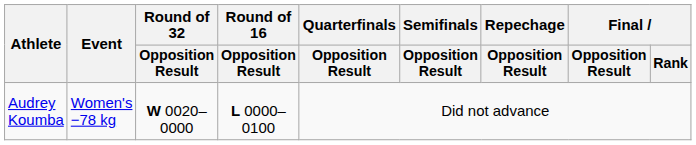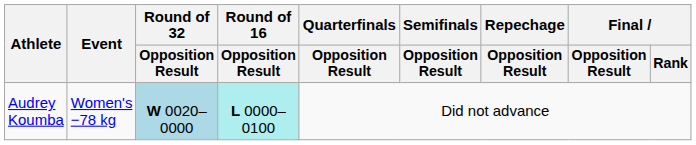 <table class="wikitable" style="font-size:90%">
 <tr>
 <th rowspan="2">Athlete</th>
 <th rowspan="2">Event</th>
 <th>Round of 32</th>
 <th>Round of 16</th>
 <th>Quarterfinals</th>
 <th>Semifinals</th>
 <th>Repechage</th>
 <th colspan=2>Final / </th>
 </tr>
 <tr style="font-size:95%">
 <th>Opposition<br>Result</th>
 <th>Opposition<br>Result</th>
 <th>Opposition<br>Result</th>
 <th>Opposition<br>Result</th>
 <th>Opposition<br>Result</th>
 <th>Opposition<br>Result</th>
 <th>Rank</th>
 </tr>
 <tr align=center>
 <td align=left><a href='#'>Audrey Koumba</a></td>
 <td align=left><a href='#'>Women's −78 kg</a></td>
-<td><br><strong>W</strong> 0020–0000</td>
-<td><br><strong>L</strong> 0000–0100</td>
+<td style="background: lightblue;"><br><strong>W</strong> 0020–0000</td>
+<td style="background: paleturquoise;"><br><strong>L</strong> 0000–0100</td>
 <td colspan=5>Did not advance</td>
 </tr>
 </table>
